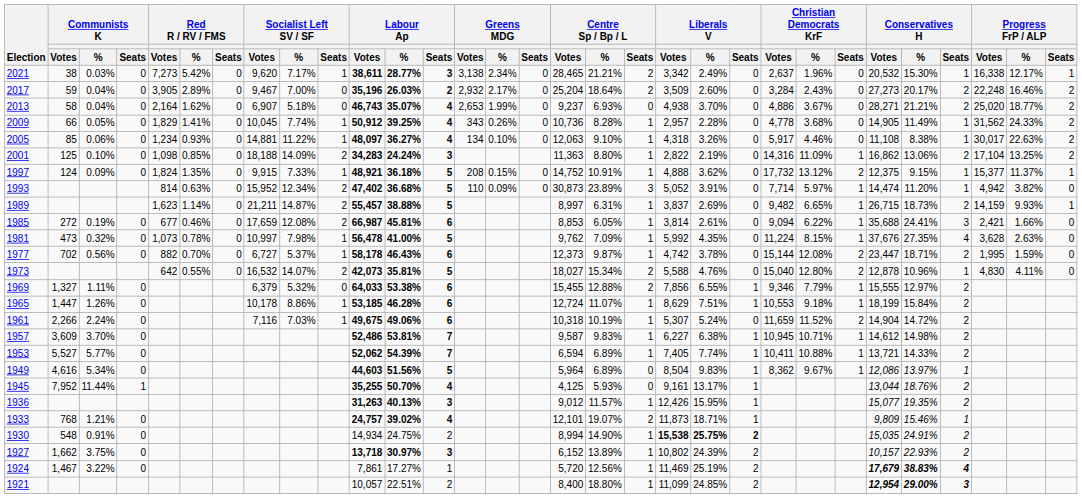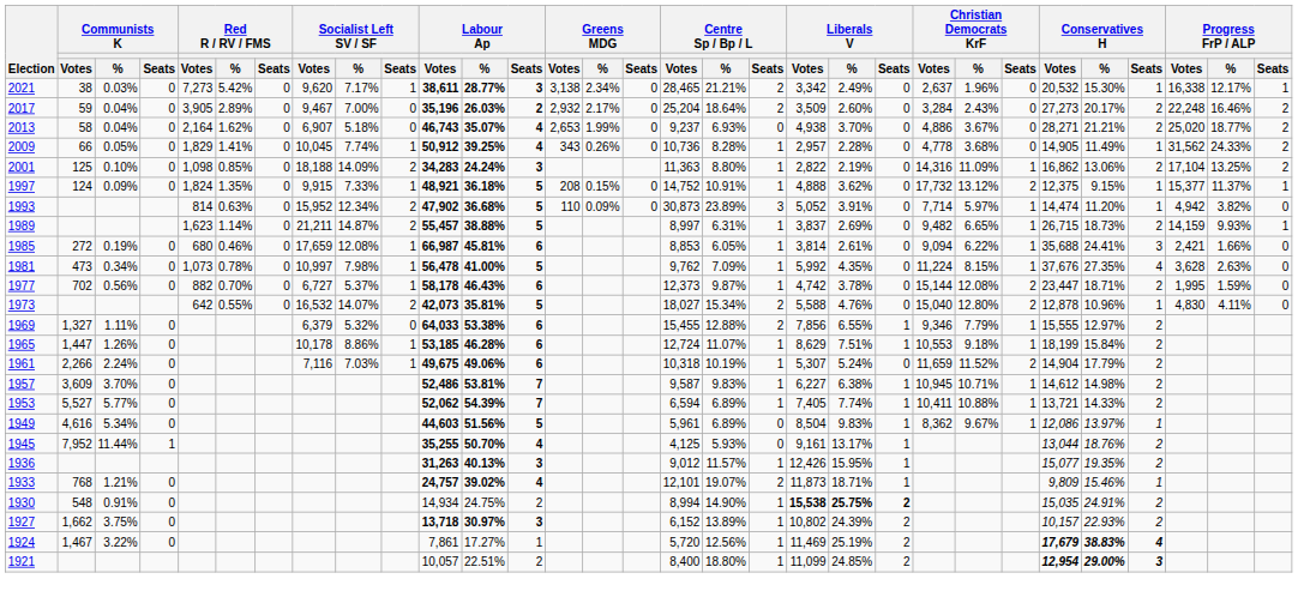 <table class="wikitable" border="1" style="font-size:80%; text-align:right;">
 <tr>
 <th style="text-align:left;" valign=bottom rowspan=3>Election</th>
 <th valign=bottom colspan=3><a href='#'>Communists</a><br>K</th>
 <th valign=bottom colspan=3><a href='#'>Red</a><br>R / RV / FMS</th>
 <th valign=bottom colspan=3><a href='#'>Socialist Left</a><br>SV / SF</th>
 <th valign=bottom colspan=3><a href='#'>Labour</a><br>Ap</th>
 <th valign=bottom colspan=3><a href='#'>Greens</a><br>MDG</th>
 <th valign=bottom colspan=3><a href='#'>Centre</a><br>Sp / Bp / L</th>
 <th valign=bottom colspan=3><a href='#'>Liberals</a><br>V</th>
 <th valign=bottom colspan=3><a href='#'>Christian<br>Democrats</a><br>KrF</th>
 <th valign=bottom colspan=3><a href='#'>Conservatives</a><br>H</th>
 <th valign=bottom colspan=3><a href='#'>Progress</a><br>FrP / ALP</th>
 </tr>
 <tr>
 <th colspan=3 style="background:"></th>
 <th colspan=3 style="background:"></th>
 <th colspan=3 style="background:"></th>
 <th colspan=3 style="background:"></th>
 <th colspan=3 style="background:"></th>
 <th colspan=3 style="background:"></th>
 <th colspan=3 style="background:"></th>
 <th colspan=3 style="background:"></th>
 <th colspan=3 style="background:"></th>
 <th colspan=3 style="background:"></th>
 </tr>
 <tr>
 <th>Votes</th>
 <th>%</th>
 <th>Seats</th>
 <th>Votes</th>
 <th>%</th>
 <th>Seats</th>
 <th>Votes</th>
 <th>%</th>
 <th>Seats</th>
 <th>Votes</th>
 <th>%</th>
 <th>Seats</th>
 <th>Votes</th>
 <th>%</th>
 <th>Seats</th>
 <th>Votes</th>
 <th>%</th>
 <th>Seats</th>
 <th>Votes</th>
 <th>%</th>
 <th>Seats</th>
 <th>Votes</th>
 <th>%</th>
 <th>Seats</th>
 <th>Votes</th>
 <th>%</th>
 <th>Seats</th>
 <th>Votes</th>
 <th>%</th>
 <th>Seats</th>
 </tr>
 <tr>
 <td align=left><a href='#'>2021</a></td>
 <td>38</td>
 <td>0.03%</td>
 <td>0</td>
 <td>7,273</td>
 <td>5.42%</td>
 <td>0</td>
 <td>9,620</td>
 <td>7.17%</td>
 <td>1</td>
 <td><strong>38,611</strong></td>
 <td><strong>28.77%</strong></td>
 <td><strong>3</strong></td>
 <td>3,138</td>
 <td>2.34%</td>
 <td>0</td>
 <td>28,465</td>
 <td>21.21%</td>
 <td>2</td>
 <td>3,342</td>
 <td>2.49%</td>
 <td>0</td>
 <td>2,637</td>
 <td>1.96%</td>
 <td>0</td>
 <td>20,532</td>
 <td>15.30%</td>
 <td>1</td>
 <td>16,338</td>
 <td>12.17%</td>
 <td>1</td>
 </tr>
 <tr>
 <td align=left><a href='#'>2017</a></td>
 <td>59</td>
 <td>0.04%</td>
 <td>0</td>
 <td>3,905</td>
 <td>2.89%</td>
 <td>0</td>
 <td>9,467</td>
 <td>7.00%</td>
 <td>0</td>
 <td><strong>35,196</strong></td>
 <td><strong>26.03%</strong></td>
 <td><strong>2</strong></td>
 <td>2,932</td>
 <td>2.17%</td>
 <td>0</td>
 <td>25,204</td>
 <td>18.64%</td>
 <td>2</td>
 <td>3,509</td>
 <td>2.60%</td>
 <td>0</td>
 <td>3,284</td>
 <td>2.43%</td>
 <td>0</td>
 <td>27,273</td>
 <td>20.17%</td>
 <td>2</td>
 <td>22,248</td>
 <td>16.46%</td>
 <td>2</td>
 </tr>
 <tr>
 <td align=left><a href='#'>2013</a></td>
 <td>58</td>
 <td>0.04%</td>
 <td>0</td>
 <td>2,164</td>
 <td>1.62%</td>
 <td>0</td>
 <td>6,907</td>
 <td>5.18%</td>
 <td>0</td>
 <td><strong>46,743</strong></td>
 <td><strong>35.07%</strong></td>
 <td><strong>4</strong></td>
 <td>2,653</td>
 <td>1.99%</td>
 <td>0</td>
 <td>9,237</td>
 <td>6.93%</td>
 <td>0</td>
 <td>4,938</td>
 <td>3.70%</td>
 <td>0</td>
 <td>4,886</td>
 <td>3.67%</td>
 <td>0</td>
 <td>28,271</td>
 <td>21.21%</td>
 <td>2</td>
 <td>25,020</td>
 <td>18.77%</td>
 <td>2</td>
 </tr>
 <tr>
 <td align=left><a href='#'>2009</a></td>
 <td>66</td>
 <td>0.05%</td>
 <td>0</td>
 <td>1,829</td>
 <td>1.41%</td>
 <td>0</td>
 <td>10,045</td>
 <td>7.74%</td>
 <td>1</td>
 <td><strong>50,912</strong></td>
 <td><strong>39.25%</strong></td>
 <td><strong>4</strong></td>
 <td>343</td>
 <td>0.26%</td>
 <td>0</td>
 <td>10,736</td>
 <td>8.28%</td>
 <td>1</td>
 <td>2,957</td>
 <td>2.28%</td>
 <td>0</td>
 <td>4,778</td>
 <td>3.68%</td>
 <td>0</td>
 <td>14,905</td>
 <td>11.49%</td>
 <td>1</td>
 <td>31,562</td>
 <td>24.33%</td>
 <td>2</td>
 </tr>
 <tr>
-<td align=left><a href='#'>2005</a></td>
-<td>85</td>
-<td>0.06%</td>
-<td>0</td>
-<td>1,234</td>
-<td>0.93%</td>
-<td>0</td>
-<td>14,881</td>
-<td>11.22%</td>
-<td>1</td>
-<td><strong>48,097</strong></td>
-<td><strong>36.27%</strong></td>
-<td><strong>4</strong></td>
-<td>134</td>
-<td>0.10%</td>
-<td>0</td>
-<td>12,063</td>
-<td>9.10%</td>
-<td>1</td>
-<td>4,318</td>
-<td>3.26%</td>
-<td>0</td>
-<td>5,917</td>
-<td>4.46%</td>
-<td>0</td>
-<td>11,108</td>
-<td>8.38%</td>
-<td>1</td>
-<td>30,017</td>
-<td>22.63%</td>
-<td>2</td>
-</tr>
-<tr>
 <td align=left><a href='#'>2001</a></td>
 <td>125</td>
 <td>0.10%</td>
 <td>0</td>
 <td>1,098</td>
 <td>0.85%</td>
 <td>0</td>
 <td>18,188</td>
 <td>14.09%</td>
 <td>2</td>
 <td><strong>34,283</strong></td>
 <td><strong>24.24%</strong></td>
 <td><strong>3</strong></td>
 <td></td>
 <td></td>
 <td></td>
 <td>11,363</td>
 <td>8.80%</td>
 <td>1</td>
 <td>2,822</td>
 <td>2.19%</td>
 <td>0</td>
 <td>14,316</td>
 <td>11.09%</td>
 <td>1</td>
 <td>16,862</td>
 <td>13.06%</td>
 <td>2</td>
 <td>17,104</td>
 <td>13.25%</td>
 <td>2</td>
 </tr>
 <tr>
 <td align=left><a href='#'>1997</a></td>
 <td>124</td>
 <td>0.09%</td>
 <td>0</td>
 <td>1,824</td>
 <td>1.35%</td>
 <td>0</td>
 <td>9,915</td>
 <td>7.33%</td>
 <td>1</td>
 <td><strong>48,921</strong></td>
 <td><strong>36.18%</strong></td>
 <td><strong>5</strong></td>
 <td>208</td>
 <td>0.15%</td>
 <td>0</td>
 <td>14,752</td>
 <td>10.91%</td>
 <td>1</td>
 <td>4,888</td>
 <td>3.62%</td>
 <td>0</td>
 <td>17,732</td>
 <td>13.12%</td>
 <td>2</td>
 <td>12,375</td>
 <td>9.15%</td>
 <td>1</td>
 <td>15,377</td>
 <td>11.37%</td>
 <td>1</td>
 </tr>
 <tr>
 <td align=left><a href='#'>1993</a></td>
 <td></td>
 <td></td>
 <td></td>
 <td>814</td>
 <td>0.63%</td>
 <td>0</td>
 <td>15,952</td>
 <td>12.34%</td>
 <td>2</td>
-<td><strong>47,402</strong></td>
+<td><strong>47,902</strong></td>
 <td><strong>36.68%</strong></td>
 <td><strong>5</strong></td>
 <td>110</td>
 <td>0.09%</td>
 <td>0</td>
 <td>30,873</td>
 <td>23.89%</td>
 <td>3</td>
 <td>5,052</td>
 <td>3.91%</td>
 <td>0</td>
 <td>7,714</td>
 <td>5.97%</td>
 <td>1</td>
 <td>14,474</td>
 <td>11.20%</td>
 <td>1</td>
 <td>4,942</td>
 <td>3.82%</td>
 <td>0</td>
 </tr>
 <tr>
 <td align=left><a href='#'>1989</a></td>
 <td></td>
 <td></td>
 <td></td>
 <td>1,623</td>
 <td>1.14%</td>
 <td>0</td>
 <td>21,211</td>
 <td>14.87%</td>
 <td>2</td>
 <td><strong>55,457</strong></td>
 <td><strong>38.88%</strong></td>
 <td><strong>5</strong></td>
 <td></td>
 <td></td>
 <td></td>
 <td>8,997</td>
 <td>6.31%</td>
 <td>1</td>
 <td>3,837</td>
 <td>2.69%</td>
 <td>0</td>
 <td>9,482</td>
 <td>6.65%</td>
 <td>1</td>
 <td>26,715</td>
 <td>18.73%</td>
 <td>2</td>
 <td>14,159</td>
 <td>9.93%</td>
 <td>1</td>
 </tr>
 <tr>
 <td align=left><a href='#'>1985</a></td>
 <td>272</td>
 <td>0.19%</td>
 <td>0</td>
-<td>677</td>
+<td>680</td>
 <td>0.46%</td>
 <td>0</td>
 <td>17,659</td>
 <td>12.08%</td>
-<td>2</td>
+<td>1</td>
 <td><strong>66,987</strong></td>
 <td><strong>45.81%</strong></td>
 <td><strong>6</strong></td>
 <td></td>
 <td></td>
 <td></td>
 <td>8,853</td>
 <td>6.05%</td>
 <td>1</td>
 <td>3,814</td>
 <td>2.61%</td>
 <td>0</td>
 <td>9,094</td>
 <td>6.22%</td>
 <td>1</td>
 <td>35,688</td>
 <td>24.41%</td>
 <td>3</td>
 <td>2,421</td>
 <td>1.66%</td>
 <td>0</td>
 </tr>
 <tr>
 <td align=left><a href='#'>1981</a></td>
 <td>473</td>
-<td>0.32%</td>
+<td>0.34%</td>
 <td>0</td>
 <td>1,073</td>
 <td>0.78%</td>
 <td>0</td>
 <td>10,997</td>
 <td>7.98%</td>
 <td>1</td>
 <td><strong>56,478</strong></td>
 <td><strong>41.00%</strong></td>
 <td><strong>5</strong></td>
 <td></td>
 <td></td>
 <td></td>
 <td>9,762</td>
 <td>7.09%</td>
 <td>1</td>
 <td>5,992</td>
 <td>4.35%</td>
 <td>0</td>
 <td>11,224</td>
 <td>8.15%</td>
 <td>1</td>
 <td>37,676</td>
 <td>27.35%</td>
 <td>4</td>
 <td>3,628</td>
 <td>2.63%</td>
 <td>0</td>
 </tr>
 <tr>
 <td align=left><a href='#'>1977</a></td>
 <td>702</td>
 <td>0.56%</td>
 <td>0</td>
 <td>882</td>
 <td>0.70%</td>
 <td>0</td>
 <td>6,727</td>
 <td>5.37%</td>
 <td>1</td>
 <td><strong>58,178</strong></td>
 <td><strong>46.43%</strong></td>
 <td><strong>6</strong></td>
 <td></td>
 <td></td>
 <td></td>
 <td>12,373</td>
 <td>9.87%</td>
 <td>1</td>
 <td>4,742</td>
 <td>3.78%</td>
 <td>0</td>
 <td>15,144</td>
 <td>12.08%</td>
 <td>2</td>
 <td>23,447</td>
 <td>18.71%</td>
 <td>2</td>
 <td>1,995</td>
 <td>1.59%</td>
 <td>0</td>
 </tr>
 <tr>
 <td align=left><a href='#'>1973</a></td>
 <td></td>
 <td></td>
 <td></td>
 <td>642</td>
 <td>0.55%</td>
 <td>0</td>
 <td>16,532</td>
 <td>14.07%</td>
 <td>2</td>
 <td><strong>42,073</strong></td>
 <td><strong>35.81%</strong></td>
 <td><strong>5</strong></td>
 <td></td>
 <td></td>
 <td></td>
 <td>18,027</td>
 <td>15.34%</td>
 <td>2</td>
 <td>5,588</td>
 <td>4.76%</td>
 <td>0</td>
 <td>15,040</td>
 <td>12.80%</td>
 <td>2</td>
 <td>12,878</td>
 <td>10.96%</td>
 <td>1</td>
 <td>4,830</td>
 <td>4.11%</td>
 <td>0</td>
 </tr>
 <tr>
 <td align=left><a href='#'>1969</a></td>
 <td>1,327</td>
 <td>1.11%</td>
 <td>0</td>
 <td></td>
 <td></td>
 <td></td>
 <td>6,379</td>
 <td>5.32%</td>
 <td>0</td>
 <td><strong>64,033</strong></td>
 <td><strong>53.38%</strong></td>
 <td><strong>6</strong></td>
 <td></td>
 <td></td>
 <td></td>
 <td>15,455</td>
 <td>12.88%</td>
 <td>2</td>
 <td>7,856</td>
 <td>6.55%</td>
 <td>1</td>
 <td>9,346</td>
 <td>7.79%</td>
 <td>1</td>
 <td>15,555</td>
 <td>12.97%</td>
 <td>2</td>
 <td></td>
 <td></td>
 <td></td>
 </tr>
 <tr>
 <td align=left><a href='#'>1965</a></td>
 <td>1,447</td>
 <td>1.26%</td>
 <td>0</td>
 <td></td>
 <td></td>
 <td></td>
 <td>10,178</td>
 <td>8.86%</td>
 <td>1</td>
 <td><strong>53,185</strong></td>
 <td><strong>46.28%</strong></td>
 <td><strong>6</strong></td>
 <td></td>
 <td></td>
 <td></td>
 <td>12,724</td>
 <td>11.07%</td>
 <td>1</td>
 <td>8,629</td>
 <td>7.51%</td>
 <td>1</td>
 <td>10,553</td>
 <td>9.18%</td>
 <td>1</td>
 <td>18,199</td>
 <td>15.84%</td>
 <td>2</td>
 <td></td>
 <td></td>
 <td></td>
 </tr>
 <tr>
 <td align=left><a href='#'>1961</a></td>
 <td>2,266</td>
 <td>2.24%</td>
 <td>0</td>
 <td></td>
 <td></td>
 <td></td>
 <td>7,116</td>
 <td>7.03%</td>
 <td>1</td>
 <td><strong>49,675</strong></td>
 <td><strong>49.06%</strong></td>
 <td><strong>6</strong></td>
 <td></td>
 <td></td>
 <td></td>
 <td>10,318</td>
 <td>10.19%</td>
 <td>1</td>
 <td>5,307</td>
 <td>5.24%</td>
 <td>0</td>
 <td>11,659</td>
 <td>11.52%</td>
 <td>2</td>
 <td>14,904</td>
-<td>14.72%</td>
+<td>17.79%</td>
 <td>2</td>
 <td></td>
 <td></td>
 <td></td>
 </tr>
 <tr>
 <td align=left><a href='#'>1957</a></td>
 <td>3,609</td>
 <td>3.70%</td>
 <td>0</td>
 <td></td>
 <td></td>
 <td></td>
 <td></td>
 <td></td>
 <td></td>
 <td><strong>52,486</strong></td>
 <td><strong>53.81%</strong></td>
 <td><strong>7</strong></td>
 <td></td>
 <td></td>
 <td></td>
 <td>9,587</td>
 <td>9.83%</td>
 <td>1</td>
 <td>6,227</td>
 <td>6.38%</td>
 <td>1</td>
 <td>10,945</td>
 <td>10.71%</td>
 <td>1</td>
 <td>14,612</td>
 <td>14.98%</td>
 <td>2</td>
 <td></td>
 <td></td>
 <td></td>
 </tr>
 <tr>
 <td align=left><a href='#'>1953</a></td>
 <td>5,527</td>
 <td>5.77%</td>
 <td>0</td>
 <td></td>
 <td></td>
 <td></td>
 <td></td>
 <td></td>
 <td></td>
 <td><strong>52,062</strong></td>
 <td><strong>54.39%</strong></td>
 <td><strong>7</strong></td>
 <td></td>
 <td></td>
 <td></td>
 <td>6,594</td>
 <td>6.89%</td>
 <td>1</td>
 <td>7,405</td>
 <td>7.74%</td>
 <td>1</td>
 <td>10,411</td>
 <td>10.88%</td>
 <td>1</td>
 <td>13,721</td>
 <td>14.33%</td>
 <td>2</td>
 <td></td>
 <td></td>
 <td></td>
 </tr>
 <tr>
 <td align=left><a href='#'>1949</a></td>
 <td>4,616</td>
 <td>5.34%</td>
 <td>0</td>
 <td></td>
 <td></td>
 <td></td>
 <td></td>
 <td></td>
 <td></td>
 <td><strong>44,603</strong></td>
 <td><strong>51.56%</strong></td>
 <td><strong>5</strong></td>
 <td></td>
 <td></td>
 <td></td>
-<td>5,964</td>
+<td>5,961</td>
 <td>6.89%</td>
 <td>0</td>
 <td>8,504</td>
 <td>9.83%</td>
 <td>1</td>
 <td>8,362</td>
 <td>9.67%</td>
 <td>1</td>
 <td><em>12,086</em></td>
 <td><em>13.97%</em></td>
 <td><em>1</em></td>
 <td></td>
 <td></td>
 <td></td>
 </tr>
 <tr>
 <td align=left><a href='#'>1945</a></td>
 <td>7,952</td>
 <td>11.44%</td>
 <td>1</td>
 <td></td>
 <td></td>
 <td></td>
 <td></td>
 <td></td>
 <td></td>
 <td><strong>35,255</strong></td>
 <td><strong>50.70%</strong></td>
 <td><strong>4</strong></td>
 <td></td>
 <td></td>
 <td></td>
 <td>4,125</td>
 <td>5.93%</td>
 <td>0</td>
 <td>9,161</td>
 <td>13.17%</td>
 <td>1</td>
 <td></td>
 <td></td>
 <td></td>
 <td><em>13,044</em></td>
 <td><em>18.76%</em></td>
 <td><em>2</em></td>
 <td></td>
 <td></td>
 <td></td>
 </tr>
 <tr>
 <td align=left><a href='#'>1936</a></td>
 <td></td>
 <td></td>
 <td></td>
 <td></td>
 <td></td>
 <td></td>
 <td></td>
 <td></td>
 <td></td>
 <td><strong>31,263</strong></td>
 <td><strong>40.13%</strong></td>
 <td><strong>3</strong></td>
 <td></td>
 <td></td>
 <td></td>
 <td>9,012</td>
 <td>11.57%</td>
 <td>1</td>
 <td>12,426</td>
 <td>15.95%</td>
 <td>1</td>
 <td></td>
 <td></td>
 <td></td>
 <td><em>15,077</em></td>
 <td><em>19.35%</em></td>
 <td><em>2</em></td>
 <td></td>
 <td></td>
 <td></td>
 </tr>
 <tr>
 <td align=left><a href='#'>1933</a></td>
 <td>768</td>
 <td>1.21%</td>
 <td>0</td>
 <td></td>
 <td></td>
 <td></td>
 <td></td>
 <td></td>
 <td></td>
 <td><strong>24,757</strong></td>
 <td><strong>39.02%</strong></td>
 <td><strong>4</strong></td>
 <td></td>
 <td></td>
 <td></td>
 <td>12,101</td>
 <td>19.07%</td>
 <td>2</td>
 <td>11,873</td>
 <td>18.71%</td>
 <td>1</td>
 <td></td>
 <td></td>
 <td></td>
 <td><em>9,809</em></td>
 <td><em>15.46%</em></td>
 <td><em>1</em></td>
 <td></td>
 <td></td>
 <td></td>
 </tr>
 <tr>
 <td align=left><a href='#'>1930</a></td>
 <td>548</td>
 <td>0.91%</td>
 <td>0</td>
 <td></td>
 <td></td>
 <td></td>
 <td></td>
 <td></td>
 <td></td>
 <td>14,934</td>
 <td>24.75%</td>
 <td>2</td>
 <td></td>
 <td></td>
 <td></td>
 <td>8,994</td>
 <td>14.90%</td>
 <td>1</td>
 <td><strong>15,538</strong></td>
 <td><strong>25.75%</strong></td>
 <td><strong>2</strong></td>
 <td></td>
 <td></td>
 <td></td>
 <td><em>15,035</em></td>
 <td><em>24.91%</em></td>
 <td><em>2</em></td>
 <td></td>
 <td></td>
 <td></td>
 </tr>
 <tr>
 <td align=left><a href='#'>1927</a></td>
 <td>1,662</td>
 <td>3.75%</td>
 <td>0</td>
 <td></td>
 <td></td>
 <td></td>
 <td></td>
 <td></td>
 <td></td>
 <td><strong>13,718</strong></td>
 <td><strong>30.97%</strong></td>
 <td><strong>3</strong></td>
 <td></td>
 <td></td>
 <td></td>
 <td>6,152</td>
 <td>13.89%</td>
 <td>1</td>
 <td>10,802</td>
 <td>24.39%</td>
 <td>2</td>
 <td></td>
 <td></td>
 <td></td>
 <td><em>10,157</em></td>
 <td><em>22.93%</em></td>
 <td><em>2</em></td>
 <td></td>
 <td></td>
 <td></td>
 </tr>
 <tr>
 <td align=left><a href='#'>1924</a></td>
 <td>1,467</td>
 <td>3.22%</td>
 <td>0</td>
 <td></td>
 <td></td>
 <td></td>
 <td></td>
 <td></td>
 <td></td>
 <td>7,861</td>
 <td>17.27%</td>
 <td>1</td>
 <td></td>
 <td></td>
 <td></td>
 <td>5,720</td>
 <td>12.56%</td>
 <td>1</td>
 <td>11,469</td>
 <td>25.19%</td>
 <td>2</td>
 <td></td>
 <td></td>
 <td></td>
 <td><strong><em>17,679</em></strong></td>
 <td><strong><em>38.83%</em></strong></td>
 <td><strong><em>4</em></strong></td>
 <td></td>
 <td></td>
 <td></td>
 </tr>
 <tr>
 <td align=left><a href='#'>1921</a></td>
 <td></td>
 <td></td>
 <td></td>
 <td></td>
 <td></td>
 <td></td>
 <td></td>
 <td></td>
 <td></td>
 <td>10,057</td>
 <td>22.51%</td>
 <td>2</td>
 <td></td>
 <td></td>
 <td></td>
 <td>8,400</td>
 <td>18.80%</td>
 <td>1</td>
 <td>11,099</td>
 <td>24.85%</td>
 <td>2</td>
 <td></td>
 <td></td>
 <td></td>
 <td><strong><em>12,954</em></strong></td>
 <td><strong><em>29.00%</em></strong></td>
 <td><strong><em>3</em></strong></td>
 <td></td>
 <td></td>
 <td></td>
 </tr>
 </table>
